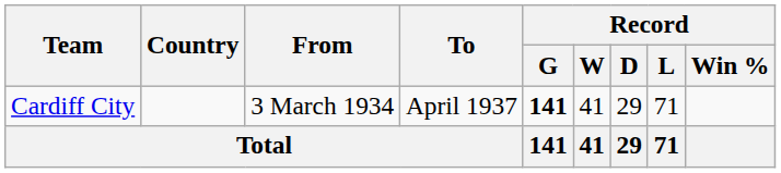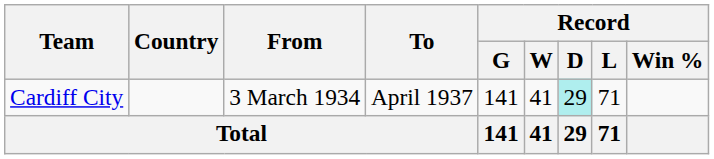 <table class="wikitable" style="text-align: center">
 <tr>
 <th rowspan="2">Team</th>
 <th rowspan="2">Country</th>
 <th rowspan="2">From</th>
 <th rowspan="2">To</th>
 <th colspan="6">Record</th>
 </tr>
 <tr>
 <th>G</th>
 <th>W</th>
 <th>D</th>
 <th>L</th>
 <th>Win %</th>
 </tr>
 <tr>
 <td align=left><a href='#'>Cardiff City</a></td>
 <td></td>
 <td align=left>3 March 1934</td>
 <td align=left>April 1937</td>
-<td><strong>141</strong></td>
+<td>141</td>
 <td>41</td>
-<td>29</td>
+<td style="background: paleturquoise;">29</td>
 <td>71</td>
 <td></td>
 </tr>
 <tr>
 <th colspan="4">Total</th>
 <th>141</th>
 <th>41</th>
 <th>29</th>
 <th>71</th>
 <th></th>
 </tr>
 </table>
